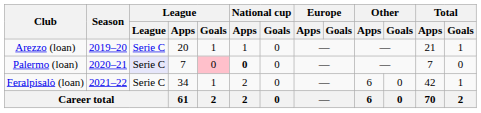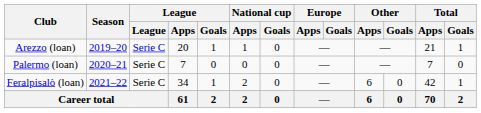 <table class="wikitable" style="text-align: center;">
 <tr>
 <th rowspan="2">Club</th>
 <th rowspan="2">Season</th>
 <th colspan="3">League</th>
 <th colspan="2">National cup</th>
 <th colspan="2">Europe</th>
 <th colspan="2">Other</th>
 <th colspan="2">Total</th>
 </tr>
 <tr>
 <th>League</th>
 <th>Apps</th>
 <th>Goals</th>
 <th>Apps</th>
 <th>Goals</th>
 <th>Apps</th>
 <th>Goals</th>
 <th>Apps</th>
 <th>Goals</th>
 <th>Apps</th>
 <th>Goals</th>
 </tr>
 <tr>
 <td><a href='#'>Arezzo</a> (loan)</td>
 <td><a href='#'>2019–20</a></td>
 <td><a href='#'>Serie C</a></td>
 <td>20</td>
 <td>1</td>
 <td>1</td>
 <td>0</td>
 <td colspan="2">—</td>
 <td colspan="2">—</td>
 <td>21</td>
 <td>1</td>
 </tr>
 <tr>
 <td><a href='#'>Palermo</a> (loan)</td>
 <td><a href='#'>2020–21</a></td>
-<td style="background: lavender;">Serie C</td>
+<td>Serie C</td>
 <td>7</td>
-<td style="background: pink;">0</td>
-<td><strong>0</strong></td>
+<td>0</td>
+<td>0</td>
 <td>0</td>
 <td colspan="2">—</td>
 <td colspan="2">—</td>
 <td>7</td>
 <td>0</td>
 </tr>
 <tr>
 <td><a href='#'>Feralpisalò</a> (loan)</td>
 <td><a href='#'>2021–22</a></td>
 <td>Serie C</td>
 <td>34</td>
 <td>1</td>
 <td>2</td>
 <td>0</td>
 <td colspan="2">—</td>
 <td>6</td>
 <td>0</td>
 <td>42</td>
 <td>1</td>
 </tr>
 <tr>
 <th colspan="3">Career total</th>
 <th>61</th>
 <th>2</th>
 <th>2</th>
 <th>0</th>
 <th colspan="2">—</th>
 <th>6</th>
 <th>0</th>
 <th>70</th>
 <th>2</th>
 </tr>
 </table>
